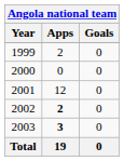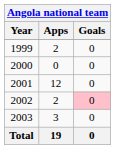 <table class="wikitable" style="text-align:center">
 <tr>
 <th colspan=3><a href='#'>Angola national team</a></th>
 </tr>
 <tr>
 <th>Year</th>
 <th>Apps</th>
 <th>Goals</th>
 </tr>
 <tr>
 </tr>
 <tr>
 <td>1999</td>
 <td>2</td>
 <td>0</td>
 </tr>
 <tr>
 <td>2000</td>
 <td>0</td>
 <td>0</td>
 </tr>
 <tr>
 <td>2001</td>
 <td>12</td>
 <td>0</td>
 </tr>
 <tr>
 <td>2002</td>
-<td><strong>2</strong></td>
-<td>0</td>
+<td>2</td>
+<td style="background: pink;">0</td>
 </tr>
 <tr>
 <td>2003</td>
-<td><strong>3</strong></td>
+<td>3</td>
 <td>0</td>
 </tr>
 <tr>
 <th>Total</th>
 <th>19</th>
 <th>0</th>
 </tr>
 </table>
